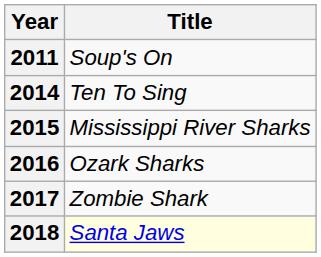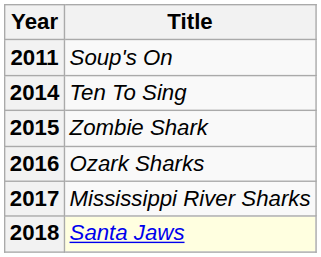 <table class="wikitable plainrowheaders sortable">
 <tr>
 <th scope="col">Year</th>
 <th scope="col">Title</th>
 </tr>
 <tr>
 <th scope="row">2011</th>
 <td><em>Soup's On</em></td>
 </tr>
 <tr>
 <th scope="row">2014</th>
 <td><em>Ten To Sing</em></td>
 </tr>
 <tr>
 <th scope="row">2015</th>
-<td><em>Mississippi River Sharks</em></td>
+<td><em>Zombie Shark</em></td>
 </tr>
 <tr>
 <th scope="row">2016</th>
 <td><em>Ozark Sharks</em> </td>
 </tr>
 <tr>
 <th scope="row">2017</th>
-<td><em>Zombie Shark</em></td>
+<td><em>Mississippi River Sharks</em></td>
 </tr>
 <tr>
 <th scope="row">2018</th>
 <td style="background: lightyellow;"><em><a href='#'>Santa Jaws</a></em></td>
 </tr>
 </table>
